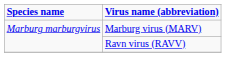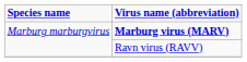 <table class="sortable wikitable">
 <tr>
 <td><strong><a href='#'>Species name</a></strong></td>
 <td><strong><a href='#'>Virus name (abbreviation)</a></strong></td>
 </tr>
 <tr valign="TOP">
 <td rowspan="2"><em><a href='#'>Marburg marburgvirus</a></em></td>
-<td><a href='#'>Marburg virus (MARV)</a></td>
+<td><strong><a href='#'>Marburg virus (MARV)</a></strong></td>
 </tr>
 <tr valign="TOP">
 <td><a href='#'>Ravn virus (RAVV)</a></td>
 </tr>
 <tr valign="TOP">
 </tr>
 </table>
